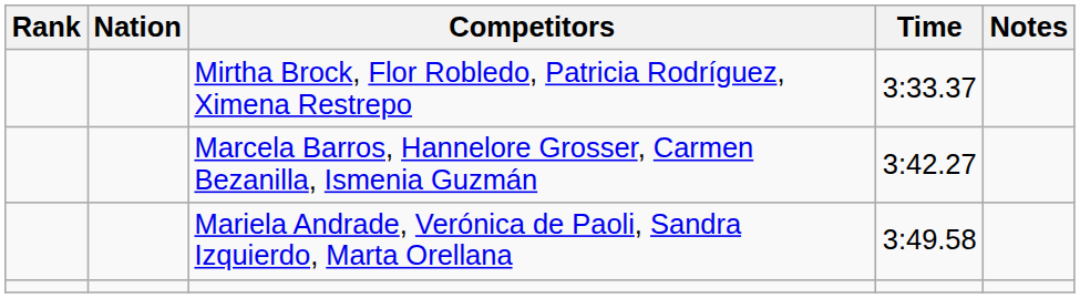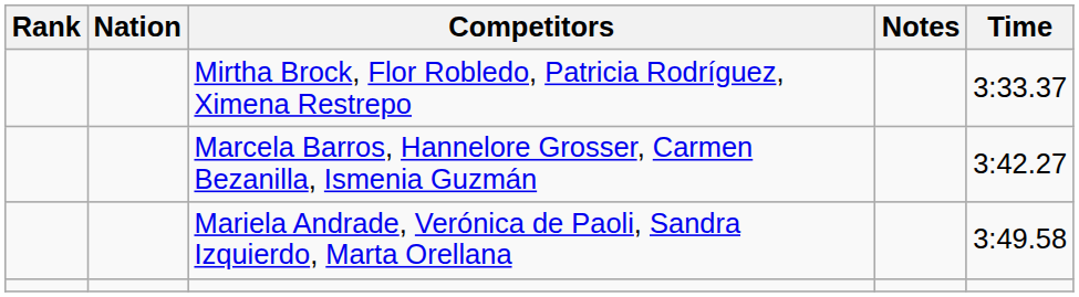 <table class="wikitable sortable" style="text-align:center">
 <tr>
 <th>Rank</th>
 <th>Nation</th>
 <th>Competitors</th>
+<th>Notes</th>
 <th>Time</th>
-<th>Notes</th>
 </tr>
 <tr>
 <td></td>
 <td align=left></td>
 <td align=left><a href='#'>Mirtha Brock</a>, <a href='#'>Flor Robledo</a>, <a href='#'>Patricia Rodríguez</a>, <a href='#'>Ximena Restrepo</a></td>
+<td></td>
 <td>3:33.37</td>
-<td></td>
 </tr>
 <tr>
 <td></td>
 <td align=left></td>
 <td align=left><a href='#'>Marcela Barros</a>, <a href='#'>Hannelore Grosser</a>, <a href='#'>Carmen Bezanilla</a>, <a href='#'>Ismenia Guzmán</a></td>
+<td></td>
 <td>3:42.27</td>
-<td></td>
 </tr>
 <tr>
 <td></td>
 <td align=left></td>
 <td align=left><a href='#'>Mariela Andrade</a>, <a href='#'>Verónica de Paoli</a>, <a href='#'>Sandra Izquierdo</a>, <a href='#'>Marta Orellana</a></td>
+<td></td>
 <td>3:49.58</td>
-<td></td>
 </tr>
 <tr>
 <td></td>
 <td align=left></td>
 <td align=left></td>
 <td></td>
 <td></td>
 </tr>
 </table>
